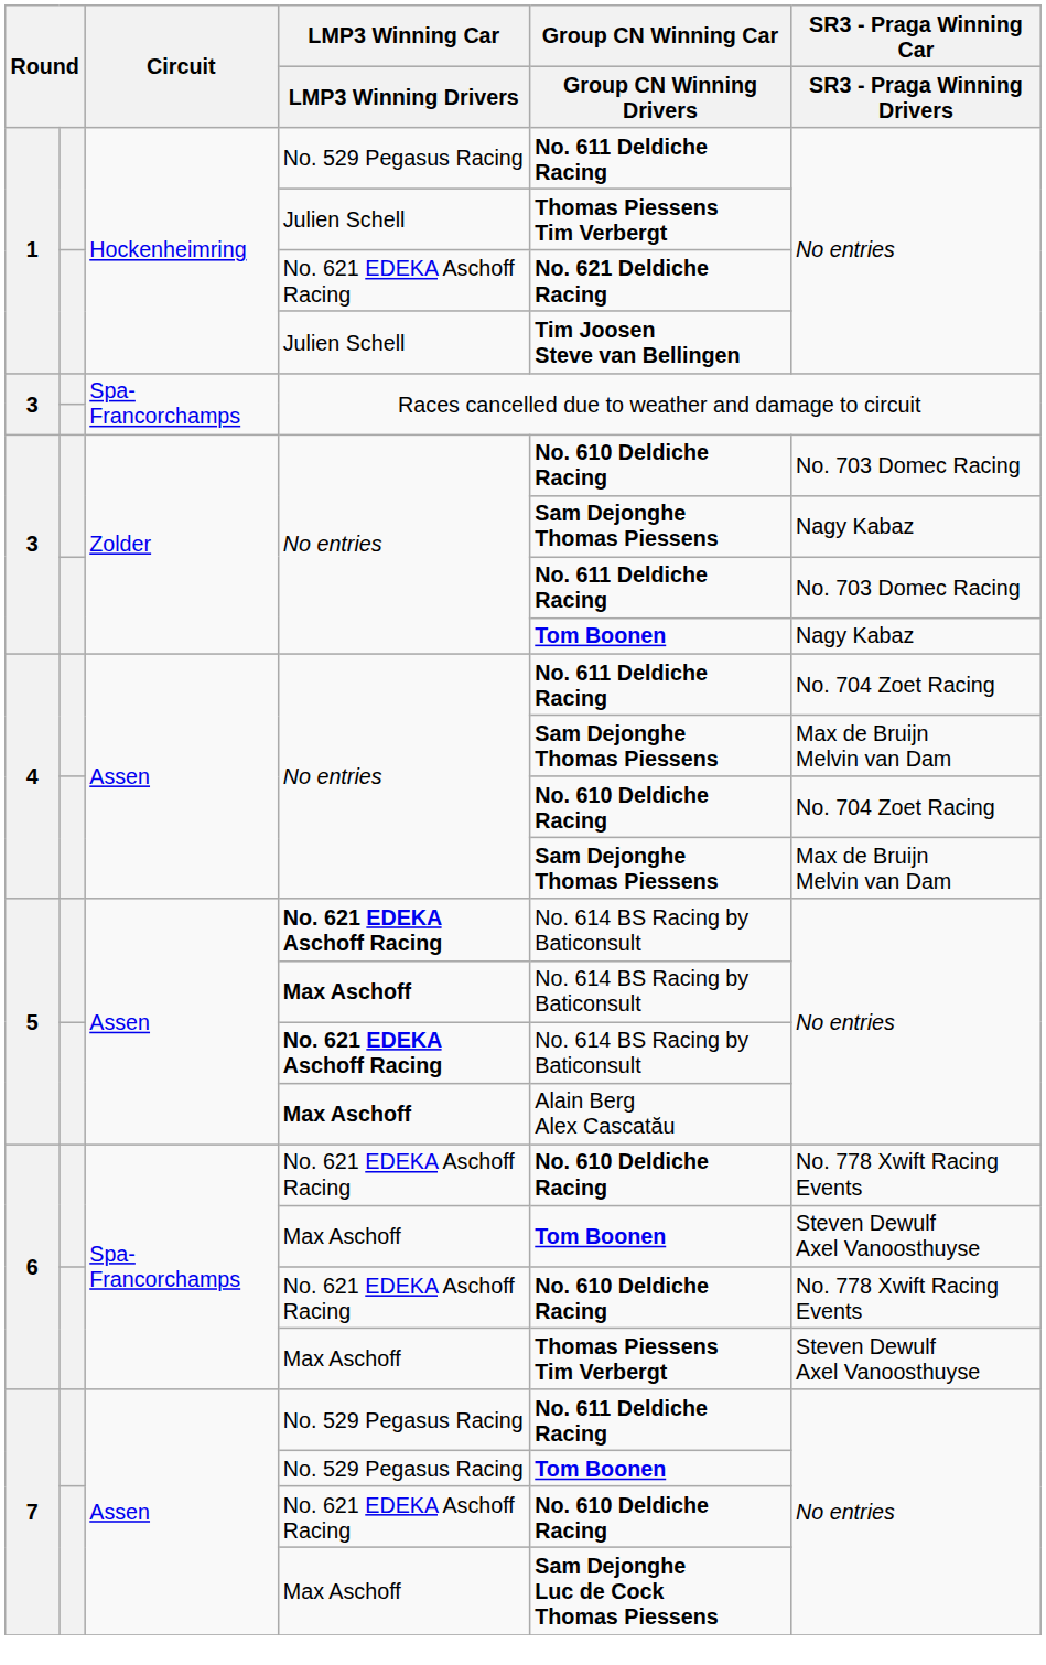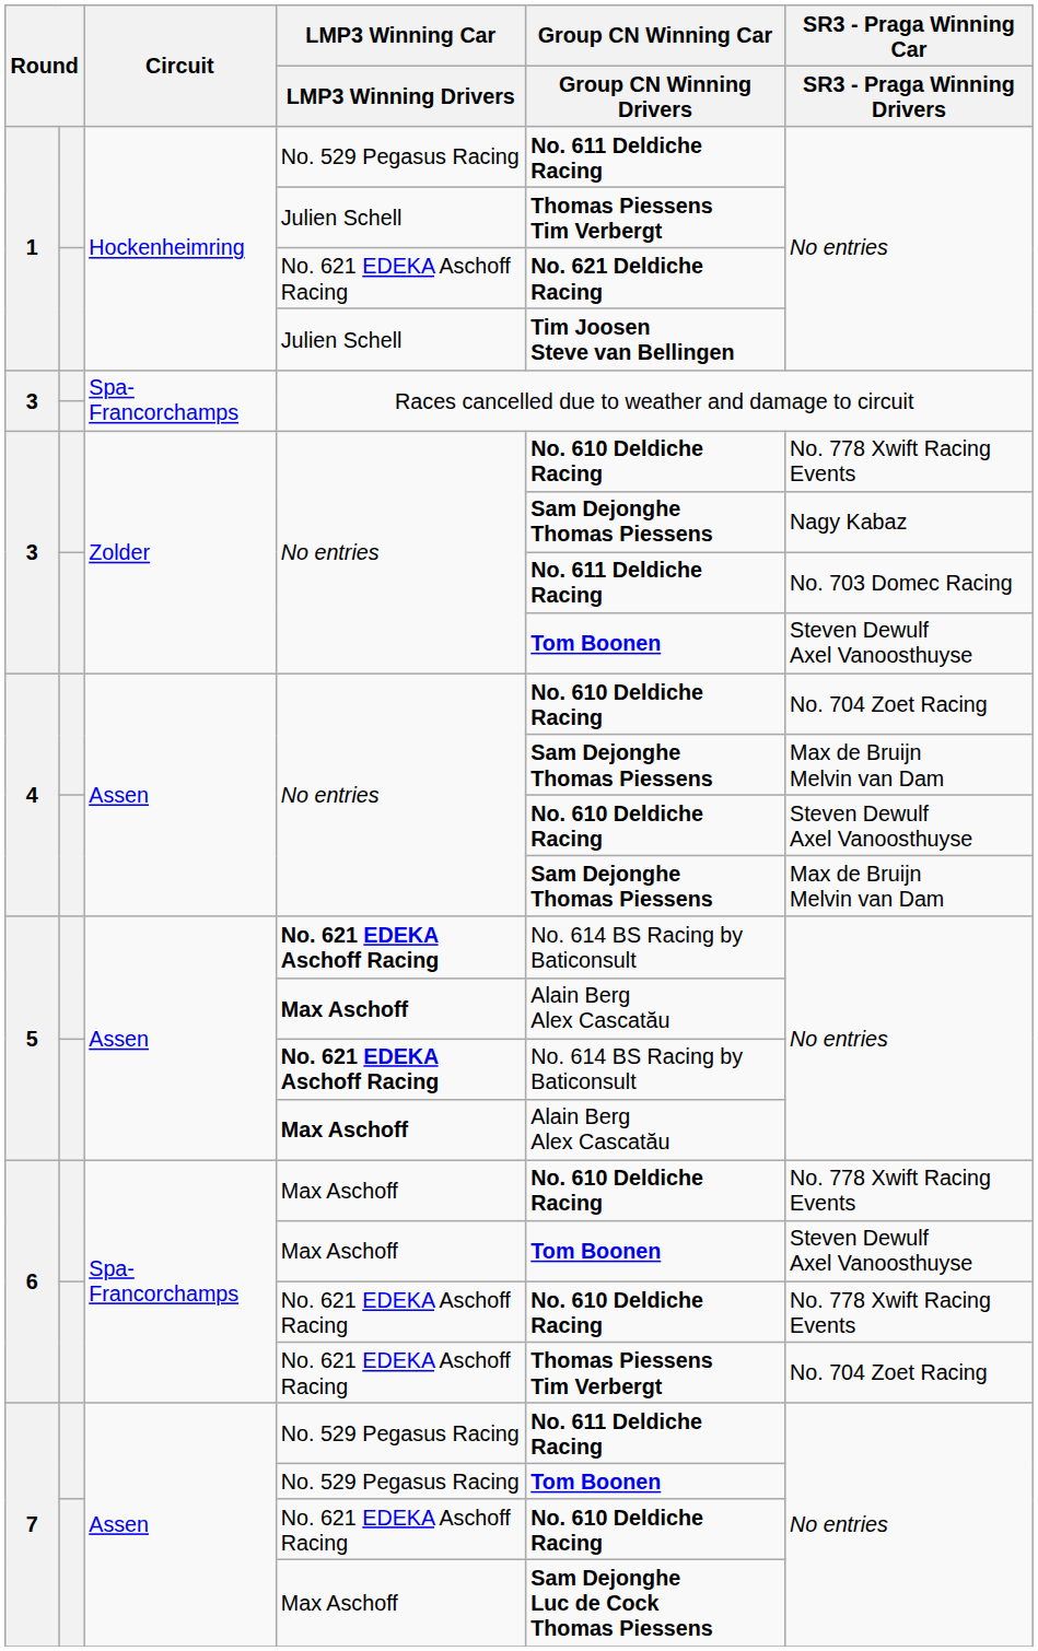 <table class="wikitable" style="font-size: 80%;">
 <tr>
 <th rowspan=2 colspan=2>Round</th>
 <th rowspan=2>Circuit</th>
 <th>LMP3 Winning Car</th>
 <th>Group CN Winning Car</th>
 <th>SR3 - Praga Winning Car</th>
 </tr>
 <tr>
 <th>LMP3 Winning Drivers</th>
 <th>Group CN Winning Drivers</th>
 <th>SR3 - Praga Winning Drivers</th>
 </tr>
 <tr>
 <th rowspan=4>1</th>
 <th rowspan=2></th>
 <td rowspan=4> <a href='#'>Hockenheimring</a></td>
 <td> No. 529 Pegasus Racing</td>
 <td><strong> No. 611 Deldiche Racing</strong></td>
 <td rowspan=4><em>No entries</em></td>
 </tr>
 <tr>
 <td> Julien Schell</td>
 <td><strong> Thomas Piessens<br> Tim Verbergt</strong></td>
 </tr>
 <tr>
 <th rowspan=2></th>
 <td> No. 621 <a href='#'>EDEKA</a> Aschoff Racing</td>
 <td><strong> No. 621 Deldiche Racing</strong></td>
 </tr>
 <tr>
 <td> Julien Schell</td>
 <td><strong> Tim Joosen<br> Steve van Bellingen</strong></td>
 </tr>
 <tr>
 <th rowspan=2>3</th>
 <th></th>
 <td rowspan=2> <a href='#'>Spa-Francorchamps</a></td>
 <td colspan=3 rowspan=2 align=center>Races cancelled due to weather and damage to circuit</td>
 </tr>
 <tr>
 <th></th>
 </tr>
 <tr>
 <th rowspan=4>3</th>
 <th rowspan=2></th>
 <td rowspan=4> <a href='#'>Zolder</a></td>
 <td rowspan=4><em>No entries</em></td>
 <td><strong> No. 610 Deldiche Racing</strong></td>
-<td> No. 703 Domec Racing</td>
+<td> No. 778 Xwift Racing Events</td>
 </tr>
 <tr>
 <td><strong> Sam Dejonghe<br> Thomas Piessens</strong></td>
 <td> Nagy Kabaz</td>
 </tr>
 <tr>
 <th rowspan=2></th>
 <td><strong> No. 611 Deldiche Racing</strong></td>
 <td> No. 703 Domec Racing</td>
 </tr>
 <tr>
 <td><strong> <a href='#'>Tom Boonen</a></strong></td>
-<td> Nagy Kabaz</td>
+<td> Steven Dewulf<br> Axel Vanoosthuyse</td>
 </tr>
 <tr>
 <th rowspan=4>4</th>
 <th rowspan=2></th>
 <td rowspan=4> <a href='#'>Assen</a></td>
 <td rowspan=4><em>No entries</em></td>
-<td><strong> No. 611 Deldiche Racing</strong></td>
+<td><strong> No. 610 Deldiche Racing</strong></td>
 <td> No. 704 Zoet Racing</td>
 </tr>
 <tr>
 <td><strong> Sam Dejonghe<br> Thomas Piessens</strong></td>
 <td> Max de Bruijn<br> Melvin van Dam</td>
 </tr>
 <tr>
 <th rowspan=2></th>
 <td><strong> No. 610 Deldiche Racing</strong></td>
-<td> No. 704 Zoet Racing</td>
+<td> Steven Dewulf<br> Axel Vanoosthuyse</td>
 </tr>
 <tr>
 <td><strong> Sam Dejonghe<br> Thomas Piessens</strong></td>
 <td> Max de Bruijn<br> Melvin van Dam</td>
 </tr>
 <tr>
 <th rowspan=4>5</th>
 <th rowspan=2></th>
 <td rowspan=4> <a href='#'>Assen</a></td>
 <td><strong> No. 621 <a href='#'>EDEKA</a> Aschoff Racing</strong></td>
 <td> No. 614 BS Racing by Baticonsult</td>
 <td rowspan=4><em>No entries</em></td>
 </tr>
 <tr>
 <td><strong> Max Aschoff</strong></td>
-<td> No. 614 BS Racing by Baticonsult</td>
+<td> Alain Berg<br> Alex Cascatău</td>
 </tr>
 <tr>
 <th rowspan=2></th>
 <td><strong> No. 621 <a href='#'>EDEKA</a> Aschoff Racing</strong></td>
 <td> No. 614 BS Racing by Baticonsult</td>
 </tr>
 <tr>
 <td><strong> Max Aschoff</strong></td>
 <td> Alain Berg<br> Alex Cascatău</td>
 </tr>
 <tr>
 <th rowspan=4>6</th>
 <th rowspan=2></th>
 <td rowspan=4> <a href='#'>Spa-Francorchamps</a></td>
-<td> No. 621 <a href='#'>EDEKA</a> Aschoff Racing</td>
+<td> Max Aschoff</td>
 <td><strong> No. 610 Deldiche Racing</strong></td>
 <td> No. 778 Xwift Racing Events</td>
 </tr>
 <tr>
 <td> Max Aschoff</td>
 <td><strong> <a href='#'>Tom Boonen</a></strong></td>
 <td> Steven Dewulf<br> Axel Vanoosthuyse</td>
 </tr>
 <tr>
 <th rowspan=2></th>
 <td> No. 621 <a href='#'>EDEKA</a> Aschoff Racing</td>
 <td><strong> No. 610 Deldiche Racing</strong></td>
 <td> No. 778 Xwift Racing Events</td>
 </tr>
 <tr>
-<td> Max Aschoff</td>
+<td> No. 621 <a href='#'>EDEKA</a> Aschoff Racing</td>
 <td><strong> Thomas Piessens<br> Tim Verbergt</strong></td>
-<td> Steven Dewulf<br> Axel Vanoosthuyse</td>
+<td> No. 704 Zoet Racing</td>
 </tr>
 <tr>
 <th rowspan=4>7</th>
 <th rowspan=2></th>
 <td rowspan=4> <a href='#'>Assen</a></td>
 <td> No. 529 Pegasus Racing</td>
 <td><strong> No. 611 Deldiche Racing</strong></td>
 <td rowspan=4><em>No entries</em></td>
 </tr>
 <tr>
 <td> No. 529 Pegasus Racing</td>
 <td><strong> <a href='#'>Tom Boonen</a></strong></td>
 </tr>
 <tr>
 <th rowspan=2></th>
 <td> No. 621 <a href='#'>EDEKA</a> Aschoff Racing</td>
 <td><strong> No. 610 Deldiche Racing</strong></td>
 </tr>
 <tr>
 <td> Max Aschoff</td>
 <td><strong> Sam Dejonghe<br> Luc de Cock<br> Thomas Piessens</strong></td>
 </tr>
 <tr>
 </tr>
 </table>
